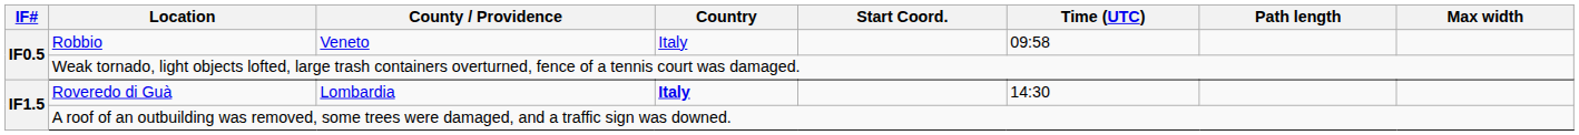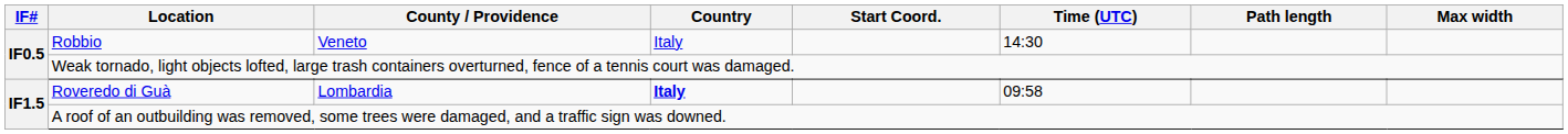 <table class="wikitable sortable" style="width:100%;">
 <tr>
 <th scope="col" width="2%" align="center"><a href='#'>IF#</a></th>
 <th scope="col" align="center" class="unsortable">Location</th>
 <th scope="col" align="center" class="unsortable">County / Providence</th>
 <th scope="col" align="center">Country</th>
 <th scope="col" align="center">Start Coord.</th>
 <th scope="col" align="center">Time (<a href='#'>UTC</a>)</th>
 <th scope="col" align="center">Path length</th>
 <th scope="col" align="center">Max width</th>
 </tr>
 <tr>
 <th scope="row" rowspan="2" style="background-color:#">IF0.5</th>
 <td><a href='#'>Robbio</a></td>
 <td><a href='#'>Veneto</a></td>
 <td><a href='#'>Italy</a></td>
 <td></td>
-<td>09:58</td>
+<td>14:30</td>
 <td></td>
 <td></td>
 </tr>
 <tr class="expand-child">
 <td colspan="8" style=" border-bottom: 1px solid black;">Weak tornado, light objects lofted, large trash containers overturned, fence of a tennis court was damaged.</td>
 </tr>
 <tr>
 <th scope="row" rowspan="2" style="background-color:#">IF1.5</th>
 <td><a href='#'>Roveredo di Guà</a></td>
 <td><a href='#'>Lombardia</a></td>
 <td><strong><a href='#'>Italy</a></strong></td>
 <td></td>
-<td>14:30</td>
+<td>09:58</td>
 <td></td>
 <td></td>
 </tr>
 <tr class="expand-child">
 <td colspan="8" style=" border-bottom: 1px solid black;">A roof of an outbuilding was removed, some trees were damaged, and a traffic sign was downed.</td>
 </tr>
 </table>
